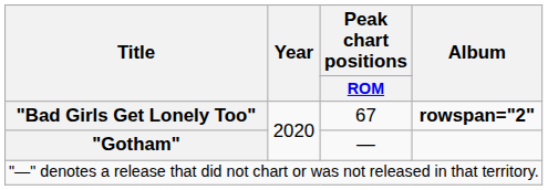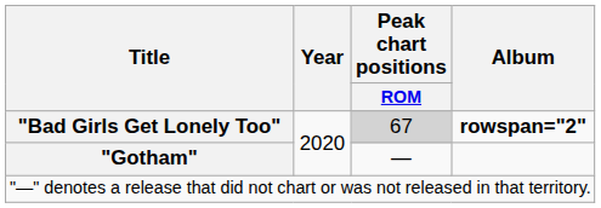 <table class="wikitable plainrowheaders" style="text-align:center;">
 <tr>
 <th scope="col" rowspan="2">Title</th>
 <th scope="col" rowspan="2">Year</th>
 <th scope="col" colspan="1">Peak chart positions</th>
 <th scope="col" rowspan="2">Album</th>
 </tr>
 <tr>
 <th style="width:3em;font-size:85%"><a href='#'>ROM</a><br></th>
 </tr>
 <tr>
 <th scope="row">"Bad Girls Get Lonely Too"</th>
 <td rowspan="2">2020</td>
-<td>67</td>
+<td style="background: lightgrey;">67</td>
 <td><strong>rowspan="2" </strong></td>
 </tr>
 <tr>
 <th scope="row">"Gotham"<br></th>
 <td>—</td>
 </tr>
 <tr>
 <td colspan="4" style="font-size:85%">"—" denotes a release that did not chart or was not released in that territory.</td>
 </tr>
 </table>
